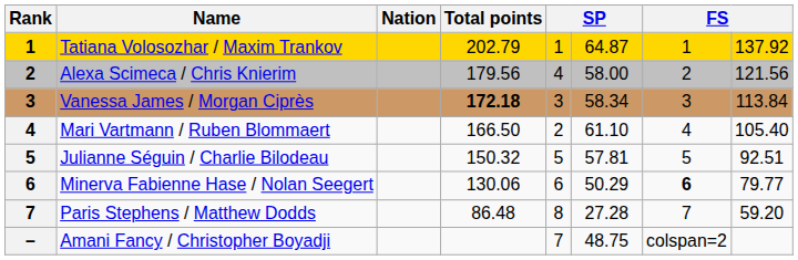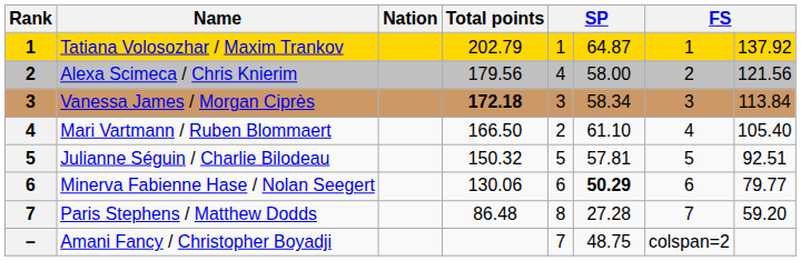 <table class="wikitable sortable">
 <tr>
 <th>Rank</th>
 <th>Name</th>
 <th>Nation</th>
 <th>Total points</th>
 <th colspan="2" width="80px"><a href='#'>SP</a></th>
 <th colspan="2" width="80px"><a href='#'>FS</a></th>
 </tr>
 <tr bgcolor="gold">
 <td align="center"><strong>1</strong></td>
 <td><a href='#'>Tatiana Volosozhar</a> / <a href='#'>Maxim Trankov</a></td>
 <td></td>
 <td align="center">202.79</td>
 <td align="center">1</td>
 <td align="center">64.87</td>
 <td align="center">1</td>
 <td align="center">137.92</td>
 </tr>
 <tr bgcolor="silver">
 <td align="center"><strong>2</strong></td>
 <td><a href='#'>Alexa Scimeca</a> / <a href='#'>Chris Knierim</a></td>
 <td></td>
 <td align="center">179.56</td>
 <td align="center">4</td>
 <td align="center">58.00</td>
 <td align="center">2</td>
 <td align="center">121.56</td>
 </tr>
 <tr bgcolor="cc9966">
 <td align="center"><strong>3</strong></td>
 <td><a href='#'>Vanessa James</a> / <a href='#'>Morgan Ciprès</a></td>
 <td></td>
 <td align="center"><strong>172.18</strong></td>
 <td align="center">3</td>
 <td align="center">58.34</td>
 <td align="center">3</td>
 <td align="center">113.84</td>
 </tr>
 <tr>
 <th>4</th>
 <td><a href='#'>Mari Vartmann</a> / <a href='#'>Ruben Blommaert</a></td>
 <td></td>
 <td align="center">166.50</td>
 <td align="center">2</td>
 <td align="center">61.10</td>
 <td align="center">4</td>
 <td align="center">105.40</td>
 </tr>
 <tr>
 <th>5</th>
 <td><a href='#'>Julianne Séguin</a> / <a href='#'>Charlie Bilodeau</a></td>
 <td></td>
 <td align="center">150.32</td>
 <td align="center">5</td>
 <td align="center">57.81</td>
 <td align="center">5</td>
 <td align="center">92.51</td>
 </tr>
 <tr>
 <th>6</th>
 <td><a href='#'>Minerva Fabienne Hase</a> / <a href='#'>Nolan Seegert</a></td>
 <td></td>
 <td align="center">130.06</td>
 <td align="center">6</td>
-<td align="center">50.29</td>
-<td align="center"><strong>6</strong></td>
+<td align="center"><strong>50.29</strong></td>
+<td align="center">6</td>
 <td align="center">79.77</td>
 </tr>
 <tr>
 <th>7</th>
 <td><a href='#'>Paris Stephens</a> / <a href='#'>Matthew Dodds</a></td>
 <td></td>
 <td align="center">86.48</td>
 <td align="center">8</td>
 <td align="center">27.28</td>
 <td align="center">7</td>
 <td align="center">59.20</td>
 </tr>
 <tr>
 <th>–</th>
 <td><a href='#'>Amani Fancy</a> / <a href='#'>Christopher Boyadji</a></td>
 <td></td>
 <td></td>
 <td align="center">7</td>
 <td align="center">48.75</td>
 <td>colspan=2 </td>
 </tr>
 </table>
